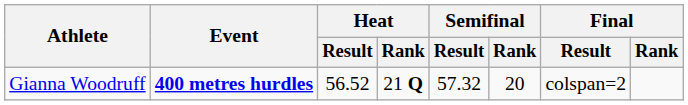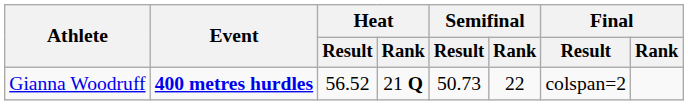 <table class=wikitable style=font-size:90%>
 <tr>
 <th rowspan=2>Athlete</th>
 <th rowspan=2>Event</th>
 <th colspan=2>Heat</th>
 <th colspan=2>Semifinal</th>
 <th colspan=2>Final</th>
 </tr>
 <tr style=font-size:95%>
 <th>Result</th>
 <th>Rank</th>
 <th>Result</th>
 <th>Rank</th>
 <th>Result</th>
 <th>Rank</th>
 </tr>
 <tr align=center>
 <td align=left><a href='#'>Gianna Woodruff</a></td>
 <td align=left><strong><a href='#'>400 metres hurdles</a></strong></td>
 <td>56.52</td>
 <td>21 <strong>Q</strong></td>
-<td>57.32</td>
-<td>20</td>
+<td>50.73</td>
+<td>22</td>
 <td>colspan=2 </td>
 </tr>
 </table>
